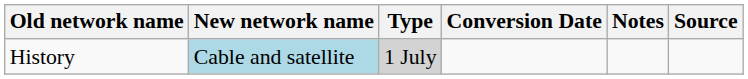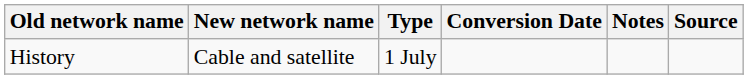 <table class="wikitable">
 <tr>
 <th>Old network name</th>
 <th>New network name</th>
 <th>Type</th>
 <th>Conversion Date</th>
 <th>Notes</th>
 <th>Source</th>
 </tr>
 <tr>
 <td>History</td>
-<td style="background: lightblue;">Cable and satellite</td>
-<td style="background: lightgrey;">1 July</td>
+<td>Cable and satellite</td>
+<td>1 July</td>
 <td></td>
 <td></td>
 </tr>
 </table>
